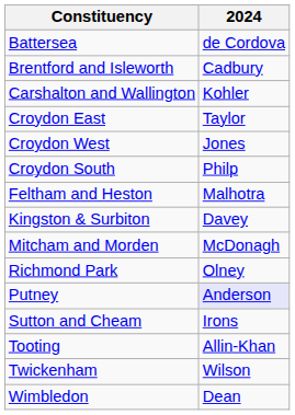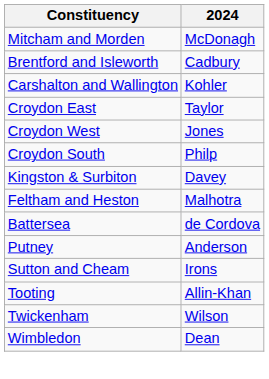 <table class="wikitable">
 <tr>
 <th>Constituency</th>
 <th>2024</th>
 </tr>
 <tr>
-<td><a href='#'>Battersea</a></td>
-<td colspan="1"><a href='#'>de Cordova</a></td>
+<td><a href='#'>Mitcham and Morden</a></td>
+<td colspan="1"><a href='#'>McDonagh</a></td>
 </tr>
 <tr>
 <td><a href='#'>Brentford and Isleworth</a></td>
 <td colspan="1"><a href='#'>Cadbury</a></td>
 </tr>
 <tr>
 <td><a href='#'>Carshalton and Wallington</a></td>
 <td><a href='#'>Kohler</a></td>
 </tr>
 <tr>
 <td><a href='#'>Croydon East</a></td>
 <td><a href='#'>Taylor</a></td>
 </tr>
 <tr>
 <td><a href='#'>Croydon West</a></td>
 <td><a href='#'>Jones</a></td>
 </tr>
 <tr>
 <td><a href='#'>Croydon South</a></td>
 <td colspan="1"><a href='#'>Philp</a></td>
 </tr>
 <tr>
+<td><a href='#'>Kingston & Surbiton</a></td>
+<td colspan="1"><a href='#'>Davey</a></td>
+</tr>
+<tr>
 <td><a href='#'>Feltham and Heston</a></td>
 <td colspan="1"><a href='#'>Malhotra</a></td>
 </tr>
 <tr>
-<td><a href='#'>Kingston & Surbiton</a></td>
-<td colspan="1"><a href='#'>Davey</a></td>
-</tr>
-<tr>
-<td><a href='#'>Mitcham and Morden</a></td>
-<td colspan="1"><a href='#'>McDonagh</a></td>
-</tr>
-<tr>
-<td><a href='#'>Richmond Park</a></td>
-<td colspan="1"><a href='#'>Olney</a></td>
+<td><a href='#'>Battersea</a></td>
+<td colspan="1"><a href='#'>de Cordova</a></td>
 </tr>
 <tr>
 <td><a href='#'>Putney</a></td>
-<td colspan="1" style="background: lavender;"><a href='#'>Anderson</a></td>
+<td colspan="1"><a href='#'>Anderson</a></td>
 </tr>
 <tr>
 <td><a href='#'>Sutton and Cheam</a></td>
 <td><a href='#'>Irons</a></td>
 </tr>
 <tr>
 <td><a href='#'>Tooting</a></td>
 <td colspan="1"><a href='#'>Allin-Khan</a></td>
 </tr>
 <tr>
 <td><a href='#'>Twickenham</a></td>
 <td colspan="1"><a href='#'>Wilson</a></td>
 </tr>
 <tr>
 <td><a href='#'>Wimbledon</a></td>
 <td><a href='#'>Dean</a></td>
 </tr>
 </table>
